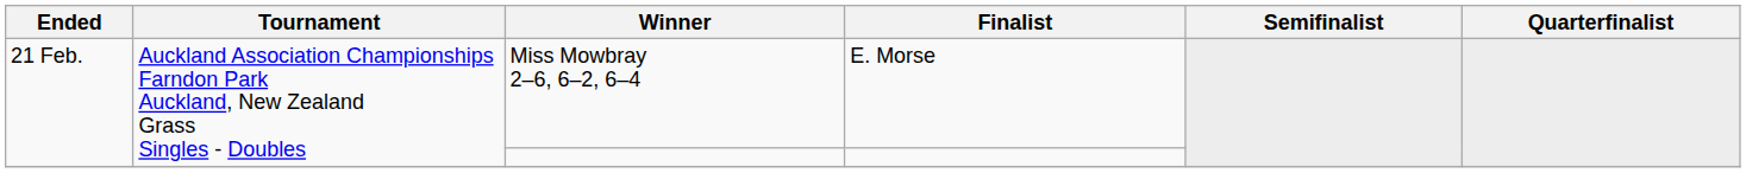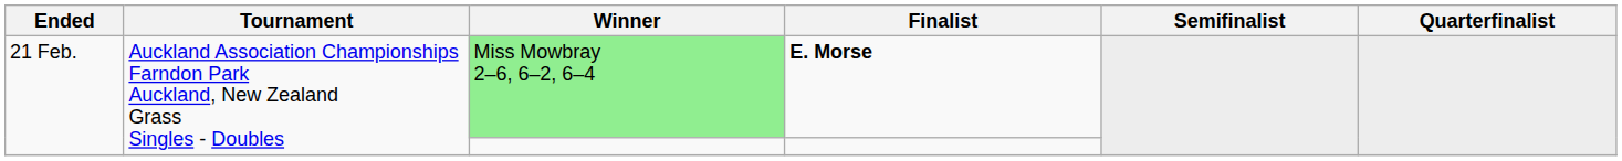 <table class="wikitable" style="font-size:85%;">
 <tr>
 <th width="75">Ended</th>
 <th width="230">Tournament</th>
 <th width="210">Winner</th>
 <th width="210">Finalist</th>
 <th width="170">Semifinalist</th>
 <th width="170">Quarterfinalist</th>
 </tr>
 <tr valign=top>
 <td rowspan=2>21 Feb.</td>
 <td rowspan=2><a href='#'>Auckland Association Championships</a><br><a href='#'>Farndon Park</a><br><a href='#'>Auckland</a>, New Zealand<br>Grass<br><a href='#'>Singles</a> - <a href='#'>Doubles</a></td>
-<td> Miss Mowbray<br> 2–6, 6–2, 6–4</td>
-<td>  E. Morse</td>
+<td style="background: lightgreen;"> Miss Mowbray<br> 2–6, 6–2, 6–4</td>
+<td><strong>  E. Morse</strong></td>
 <td style="background:#ededed;" rowspan=2></td>
 <td style="background:#ededed;" rowspan=2></td>
 </tr>
 <tr valign=top>
 <td></td>
 <td></td>
 </tr>
 <tr valign=top>
 </tr>
 </table>
